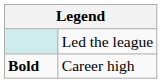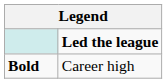 <table class="wikitable mw-collapsible mw-collapsed">
 <tr>
 <th colspan="2">Legend</th>
 </tr>
 <tr>
 <td style="background-color:#cfecec; width:3em;"></td>
-<td>Led the league</td>
+<td><strong>Led the league</strong></td>
 </tr>
 <tr>
 <td><strong>Bold</strong></td>
 <td>Career high</td>
 </tr>
 </table>
